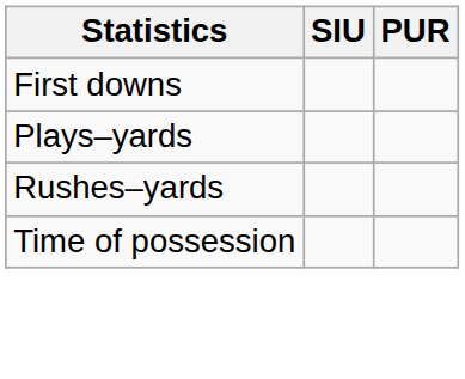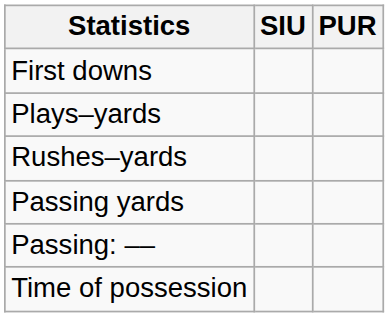 <table class="wikitable" style="float:left">
 <tr>
 <th>Statistics</th>
 <th>SIU</th>
 <th>PUR</th>
 </tr>
 <tr>
 <td>First downs</td>
 <td></td>
 <td></td>
 </tr>
 <tr>
 <td>Plays–yards</td>
 <td></td>
 <td></td>
 </tr>
 <tr>
 <td>Rushes–yards</td>
 <td></td>
 <td></td>
 </tr>
 <tr>
+<td>Passing yards</td>
+<td></td>
+<td></td>
+</tr>
+<tr>
+<td>Passing: ––</td>
+<td></td>
+<td></td>
+</tr>
+<tr>
 <td>Time of possession</td>
 <td></td>
 <td></td>
 </tr>
 </table>
